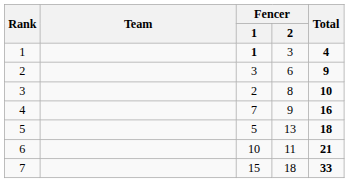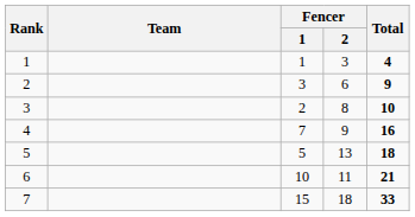 <table class=wikitable style="text-align:center">
 <tr>
 <th rowspan=2 width=40>Rank</th>
 <th rowspan=2 width=250>Team</th>
 <th colspan=2>Fencer</th>
 <th rowspan=2 width=40>Total</th>
 </tr>
 <tr>
 <th width=40>1</th>
 <th width=40>2</th>
 </tr>
 <tr>
 <td>1</td>
 <td align=left></td>
-<td><strong>1</strong></td>
+<td>1</td>
 <td>3</td>
 <td><strong>4</strong></td>
 </tr>
 <tr>
 <td>2</td>
 <td align=left></td>
 <td>3</td>
 <td>6</td>
 <td><strong>9</strong></td>
 </tr>
 <tr>
 <td>3</td>
 <td align=left></td>
 <td>2</td>
 <td>8</td>
 <td><strong>10</strong></td>
 </tr>
 <tr>
 <td>4</td>
 <td align=left></td>
 <td>7</td>
 <td>9</td>
 <td><strong>16</strong></td>
 </tr>
 <tr>
 <td>5</td>
 <td align=left></td>
 <td>5</td>
 <td>13</td>
 <td><strong>18</strong></td>
 </tr>
 <tr>
 <td>6</td>
 <td align=left></td>
 <td>10</td>
 <td>11</td>
 <td><strong>21</strong></td>
 </tr>
 <tr>
 <td>7</td>
 <td align=left></td>
 <td>15</td>
 <td>18</td>
 <td><strong>33</strong></td>
 </tr>
 </table>
